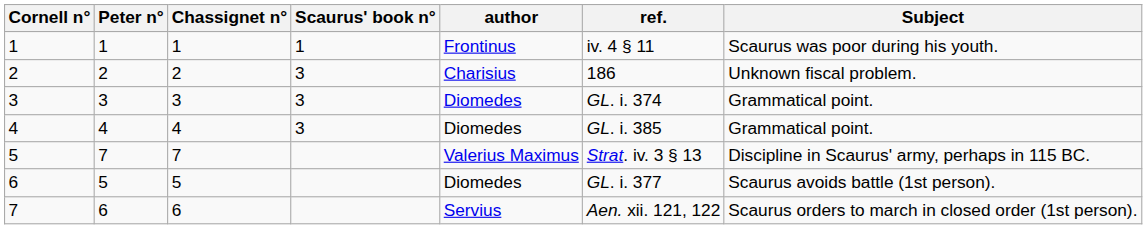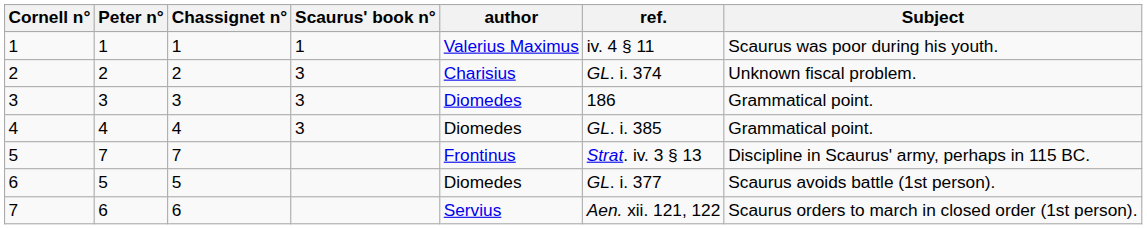 <table class="wikitable">
 <tr>
 <th>Cornell n°</th>
 <th>Peter n°</th>
 <th>Chassignet n°</th>
 <th>Scaurus' book n°</th>
 <th>author</th>
 <th>ref.</th>
 <th>Subject</th>
 </tr>
 <tr>
 <td>1</td>
 <td>1</td>
 <td>1</td>
 <td>1</td>
-<td><a href='#'>Frontinus</a></td>
+<td><a href='#'>Valerius Maximus</a></td>
 <td>iv. 4 § 11</td>
 <td>Scaurus was poor during his youth.</td>
 </tr>
 <tr>
 <td>2</td>
 <td>2</td>
 <td>2</td>
 <td>3</td>
 <td><a href='#'>Charisius</a></td>
-<td>186</td>
+<td><em>GL</em>. i. 374</td>
 <td>Unknown fiscal problem.</td>
 </tr>
 <tr>
 <td>3</td>
 <td>3</td>
 <td>3</td>
 <td>3</td>
 <td><a href='#'>Diomedes</a></td>
-<td><em>GL</em>. i. 374</td>
+<td>186</td>
 <td>Grammatical point.</td>
 </tr>
 <tr>
 <td>4</td>
 <td>4</td>
 <td>4</td>
 <td>3</td>
 <td>Diomedes</td>
 <td><em>GL</em>. i. 385</td>
 <td>Grammatical point.</td>
 </tr>
 <tr>
 <td>5</td>
 <td>7</td>
 <td>7</td>
 <td></td>
-<td><a href='#'>Valerius Maximus</a></td>
+<td><a href='#'>Frontinus</a></td>
 <td><em><a href='#'>Strat</a></em>. iv. 3 § 13</td>
 <td>Discipline in Scaurus' army, perhaps in 115 BC.</td>
 </tr>
 <tr>
 <td>6</td>
 <td>5</td>
 <td>5</td>
 <td></td>
 <td>Diomedes</td>
 <td><em>GL</em>. i. 377</td>
 <td>Scaurus avoids battle (1st person).</td>
 </tr>
 <tr>
 <td>7</td>
 <td>6</td>
 <td>6</td>
 <td></td>
 <td><a href='#'>Servius</a></td>
 <td><em>Aen.</em> xii. 121, 122</td>
 <td>Scaurus orders to march in closed order (1st person).</td>
 </tr>
 </table>
